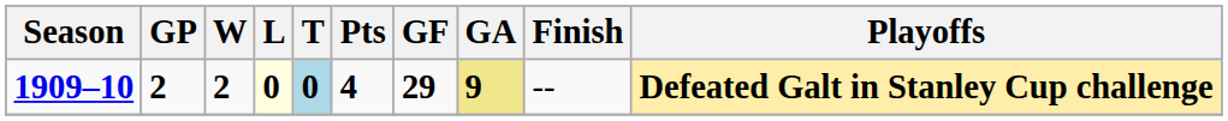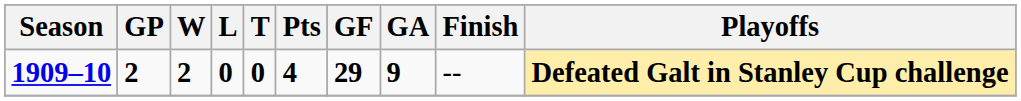 <table class="wikitable">
 <tr>
 <th>Season</th>
 <th>GP</th>
 <th>W</th>
 <th>L</th>
 <th>T</th>
 <th>Pts</th>
 <th>GF</th>
 <th>GA</th>
 <th>Finish</th>
 <th>Playoffs</th>
 </tr>
 <tr>
 <td><strong><a href='#'>1909–10</a></strong></td>
 <td><strong>2</strong></td>
 <td><strong>2</strong></td>
-<td style="background: lightyellow;"><strong>0</strong></td>
-<td style="background: lightblue;"><strong>0</strong></td>
+<td><strong>0</strong></td>
+<td><strong>0</strong></td>
 <td><strong>4</strong></td>
 <td><strong>29</strong></td>
-<td style="background: khaki;"><strong>9</strong></td>
+<td><strong>9</strong></td>
 <td>--</td>
 <td bgcolor="#ffeeaa"><strong>Defeated Galt in Stanley Cup challenge</strong></td>
 </tr>
 <tr>
 </tr>
 </table>
